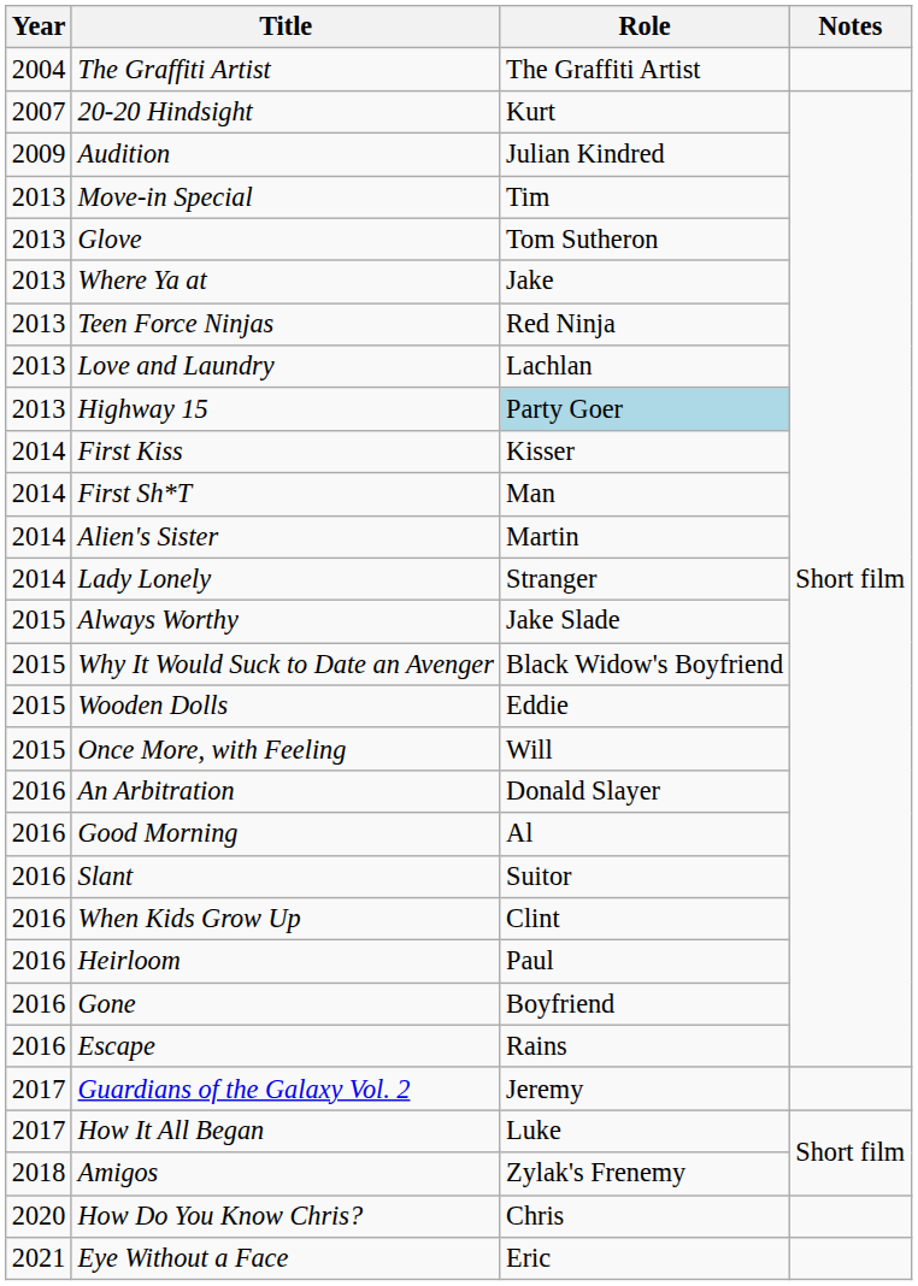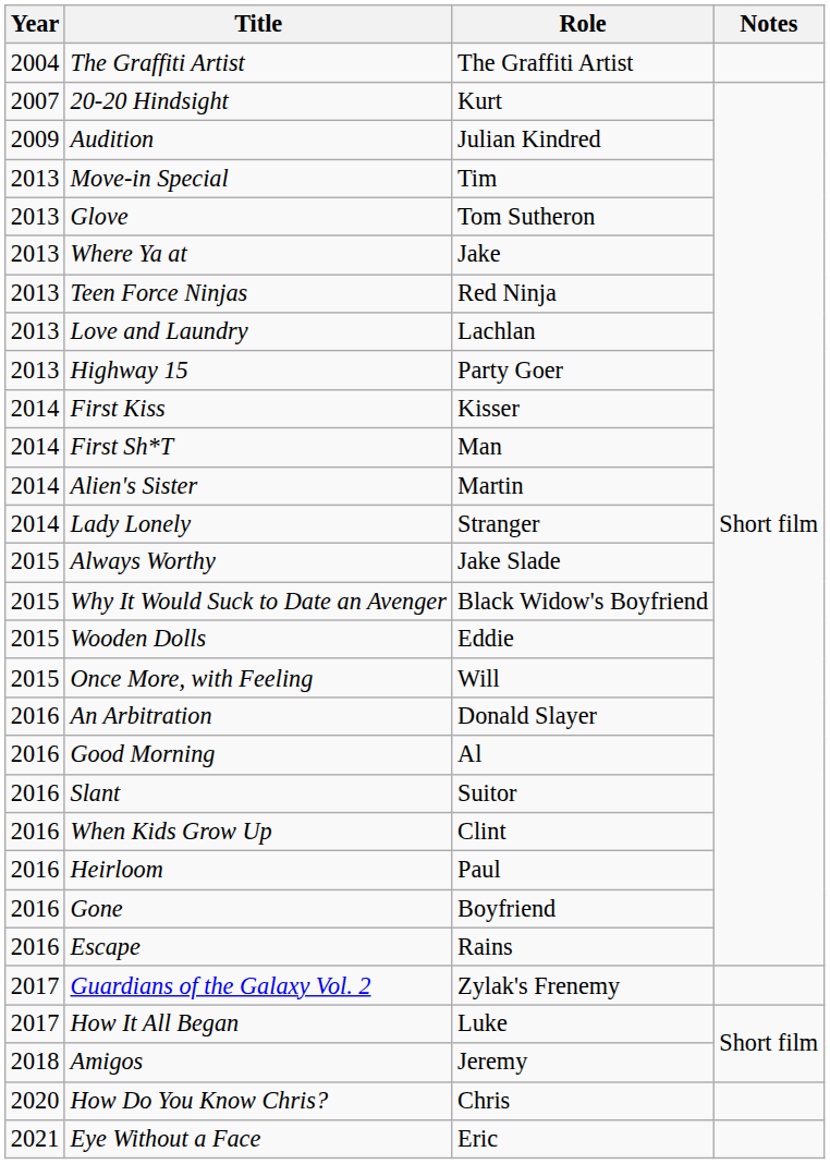 <table class="wikitable plainrowheaders sortable">
 <tr>
 <th scope="col">Year</th>
 <th scope="col">Title</th>
 <th scope="col">Role</th>
 <th scope="col" class="unsortable">Notes</th>
 </tr>
 <tr>
 <td>2004</td>
 <td><em>The Graffiti Artist</em></td>
 <td>The Graffiti Artist</td>
 <td></td>
 </tr>
 <tr>
 <td>2007</td>
 <td><em>20-20 Hindsight</em></td>
 <td>Kurt</td>
 <td rowspan="23">Short film</td>
 </tr>
 <tr>
 <td>2009</td>
 <td><em>Audition</em></td>
 <td>Julian Kindred</td>
 </tr>
 <tr>
 <td>2013</td>
 <td><em>Move-in Special</em></td>
 <td>Tim</td>
 </tr>
 <tr>
 <td>2013</td>
 <td><em>Glove</em></td>
 <td>Tom Sutheron</td>
 </tr>
 <tr>
 <td>2013</td>
 <td><em>Where Ya at</em></td>
 <td>Jake</td>
 </tr>
 <tr>
 <td>2013</td>
 <td><em>Teen Force Ninjas</em></td>
 <td>Red Ninja</td>
 </tr>
 <tr>
 <td>2013</td>
 <td><em>Love and Laundry</em></td>
 <td>Lachlan</td>
 </tr>
 <tr>
 <td>2013</td>
 <td><em>Highway 15</em></td>
-<td style="background: lightblue;">Party Goer</td>
+<td>Party Goer</td>
 </tr>
 <tr>
 <td>2014</td>
 <td><em>First Kiss</em></td>
 <td>Kisser</td>
 </tr>
 <tr>
 <td>2014</td>
 <td><em>First Sh*T</em></td>
 <td>Man</td>
 </tr>
 <tr>
 <td>2014</td>
 <td><em>Alien's Sister</em></td>
 <td>Martin</td>
 </tr>
 <tr>
 <td>2014</td>
 <td><em>Lady Lonely</em></td>
 <td>Stranger</td>
 </tr>
 <tr>
 <td>2015</td>
 <td><em>Always Worthy</em></td>
 <td>Jake Slade</td>
 </tr>
 <tr>
 <td>2015</td>
 <td><em>Why It Would Suck to Date an Avenger</em></td>
 <td>Black Widow's Boyfriend</td>
 </tr>
 <tr>
 <td>2015</td>
 <td><em>Wooden Dolls</em></td>
 <td>Eddie</td>
 </tr>
 <tr>
 <td>2015</td>
 <td><em>Once More, with Feeling</em></td>
 <td>Will</td>
 </tr>
 <tr>
 <td>2016</td>
 <td><em>An Arbitration</em></td>
 <td>Donald Slayer</td>
 </tr>
 <tr>
 <td>2016</td>
 <td><em>Good Morning</em></td>
 <td>Al</td>
 </tr>
 <tr>
 <td>2016</td>
 <td><em>Slant</em></td>
 <td>Suitor</td>
 </tr>
 <tr>
 <td>2016</td>
 <td><em>When Kids Grow Up</em></td>
 <td>Clint</td>
 </tr>
 <tr>
 <td>2016</td>
 <td><em>Heirloom</em></td>
 <td>Paul</td>
 </tr>
 <tr>
 <td>2016</td>
 <td><em>Gone</em></td>
 <td>Boyfriend</td>
 </tr>
 <tr>
 <td>2016</td>
 <td><em>Escape</em></td>
 <td>Rains</td>
 </tr>
 <tr>
 <td>2017</td>
 <td><em><a href='#'>Guardians of the Galaxy Vol. 2</a></em></td>
-<td>Jeremy</td>
+<td>Zylak's Frenemy</td>
 <td></td>
 </tr>
 <tr>
 <td>2017</td>
 <td><em>How It All Began</em></td>
 <td>Luke</td>
 <td rowspan="2">Short film</td>
 </tr>
 <tr>
 <td>2018</td>
 <td><em>Amigos</em></td>
-<td>Zylak's Frenemy</td>
+<td>Jeremy</td>
 </tr>
 <tr>
 <td>2020</td>
 <td><em>How Do You Know Chris?</em></td>
 <td>Chris</td>
 <td></td>
 </tr>
 <tr>
 <td>2021</td>
 <td><em>Eye Without a Face</em></td>
 <td>Eric</td>
 <td></td>
 </tr>
 </table>
